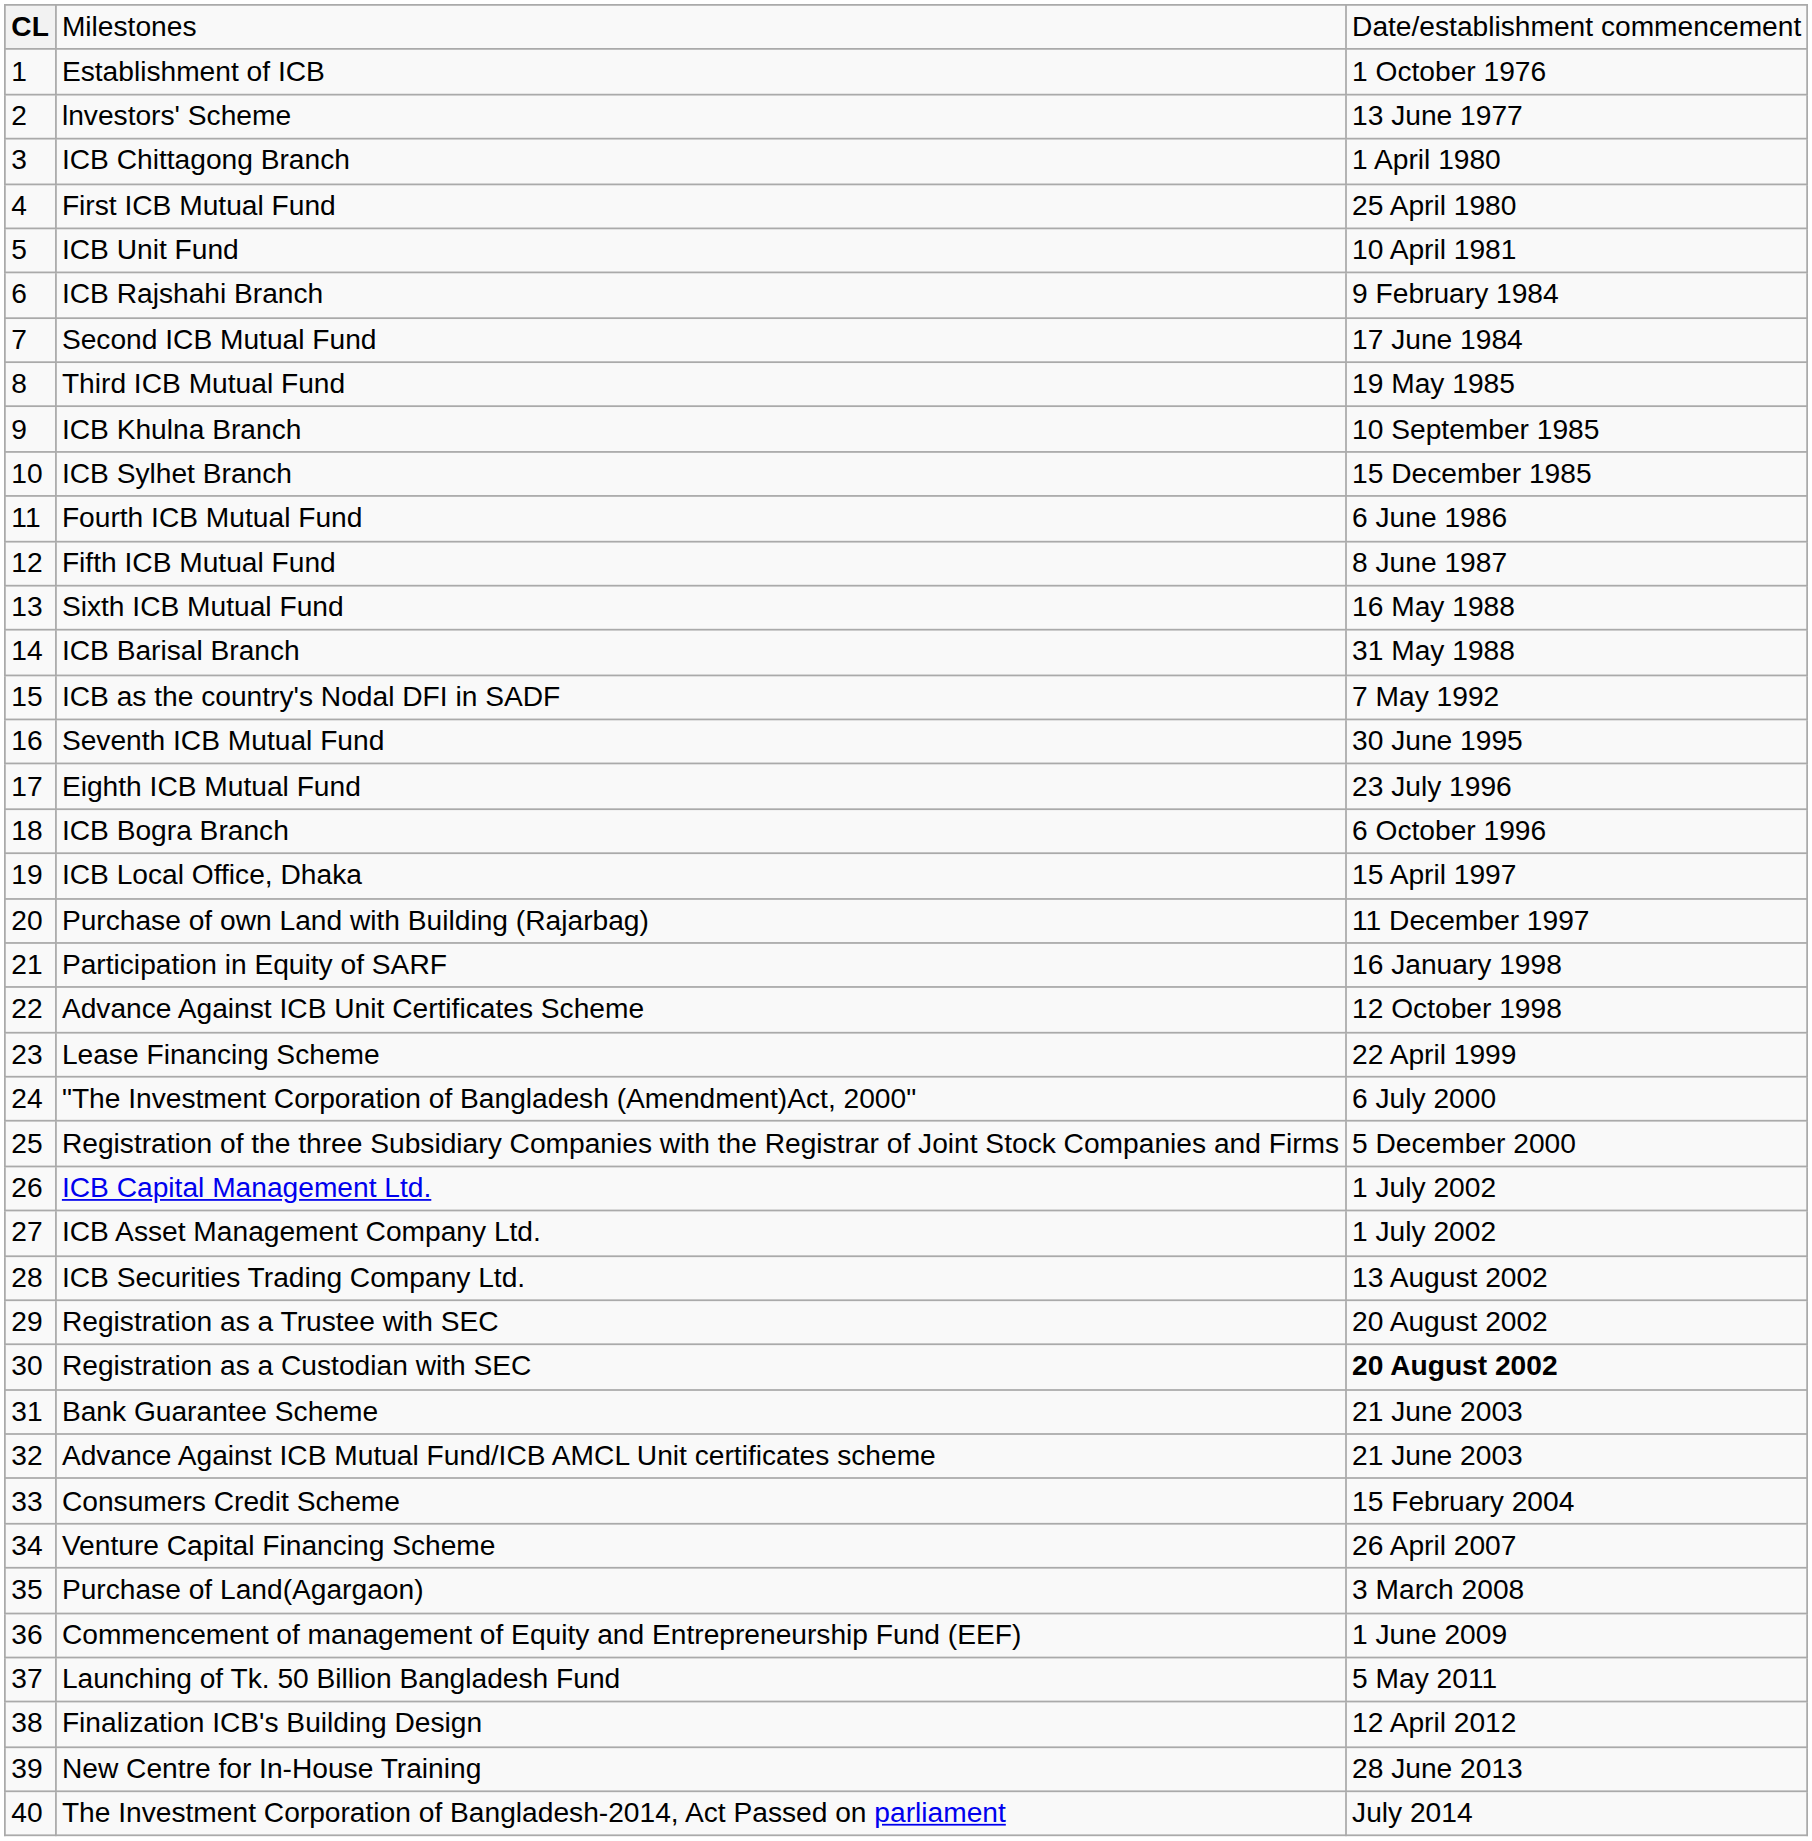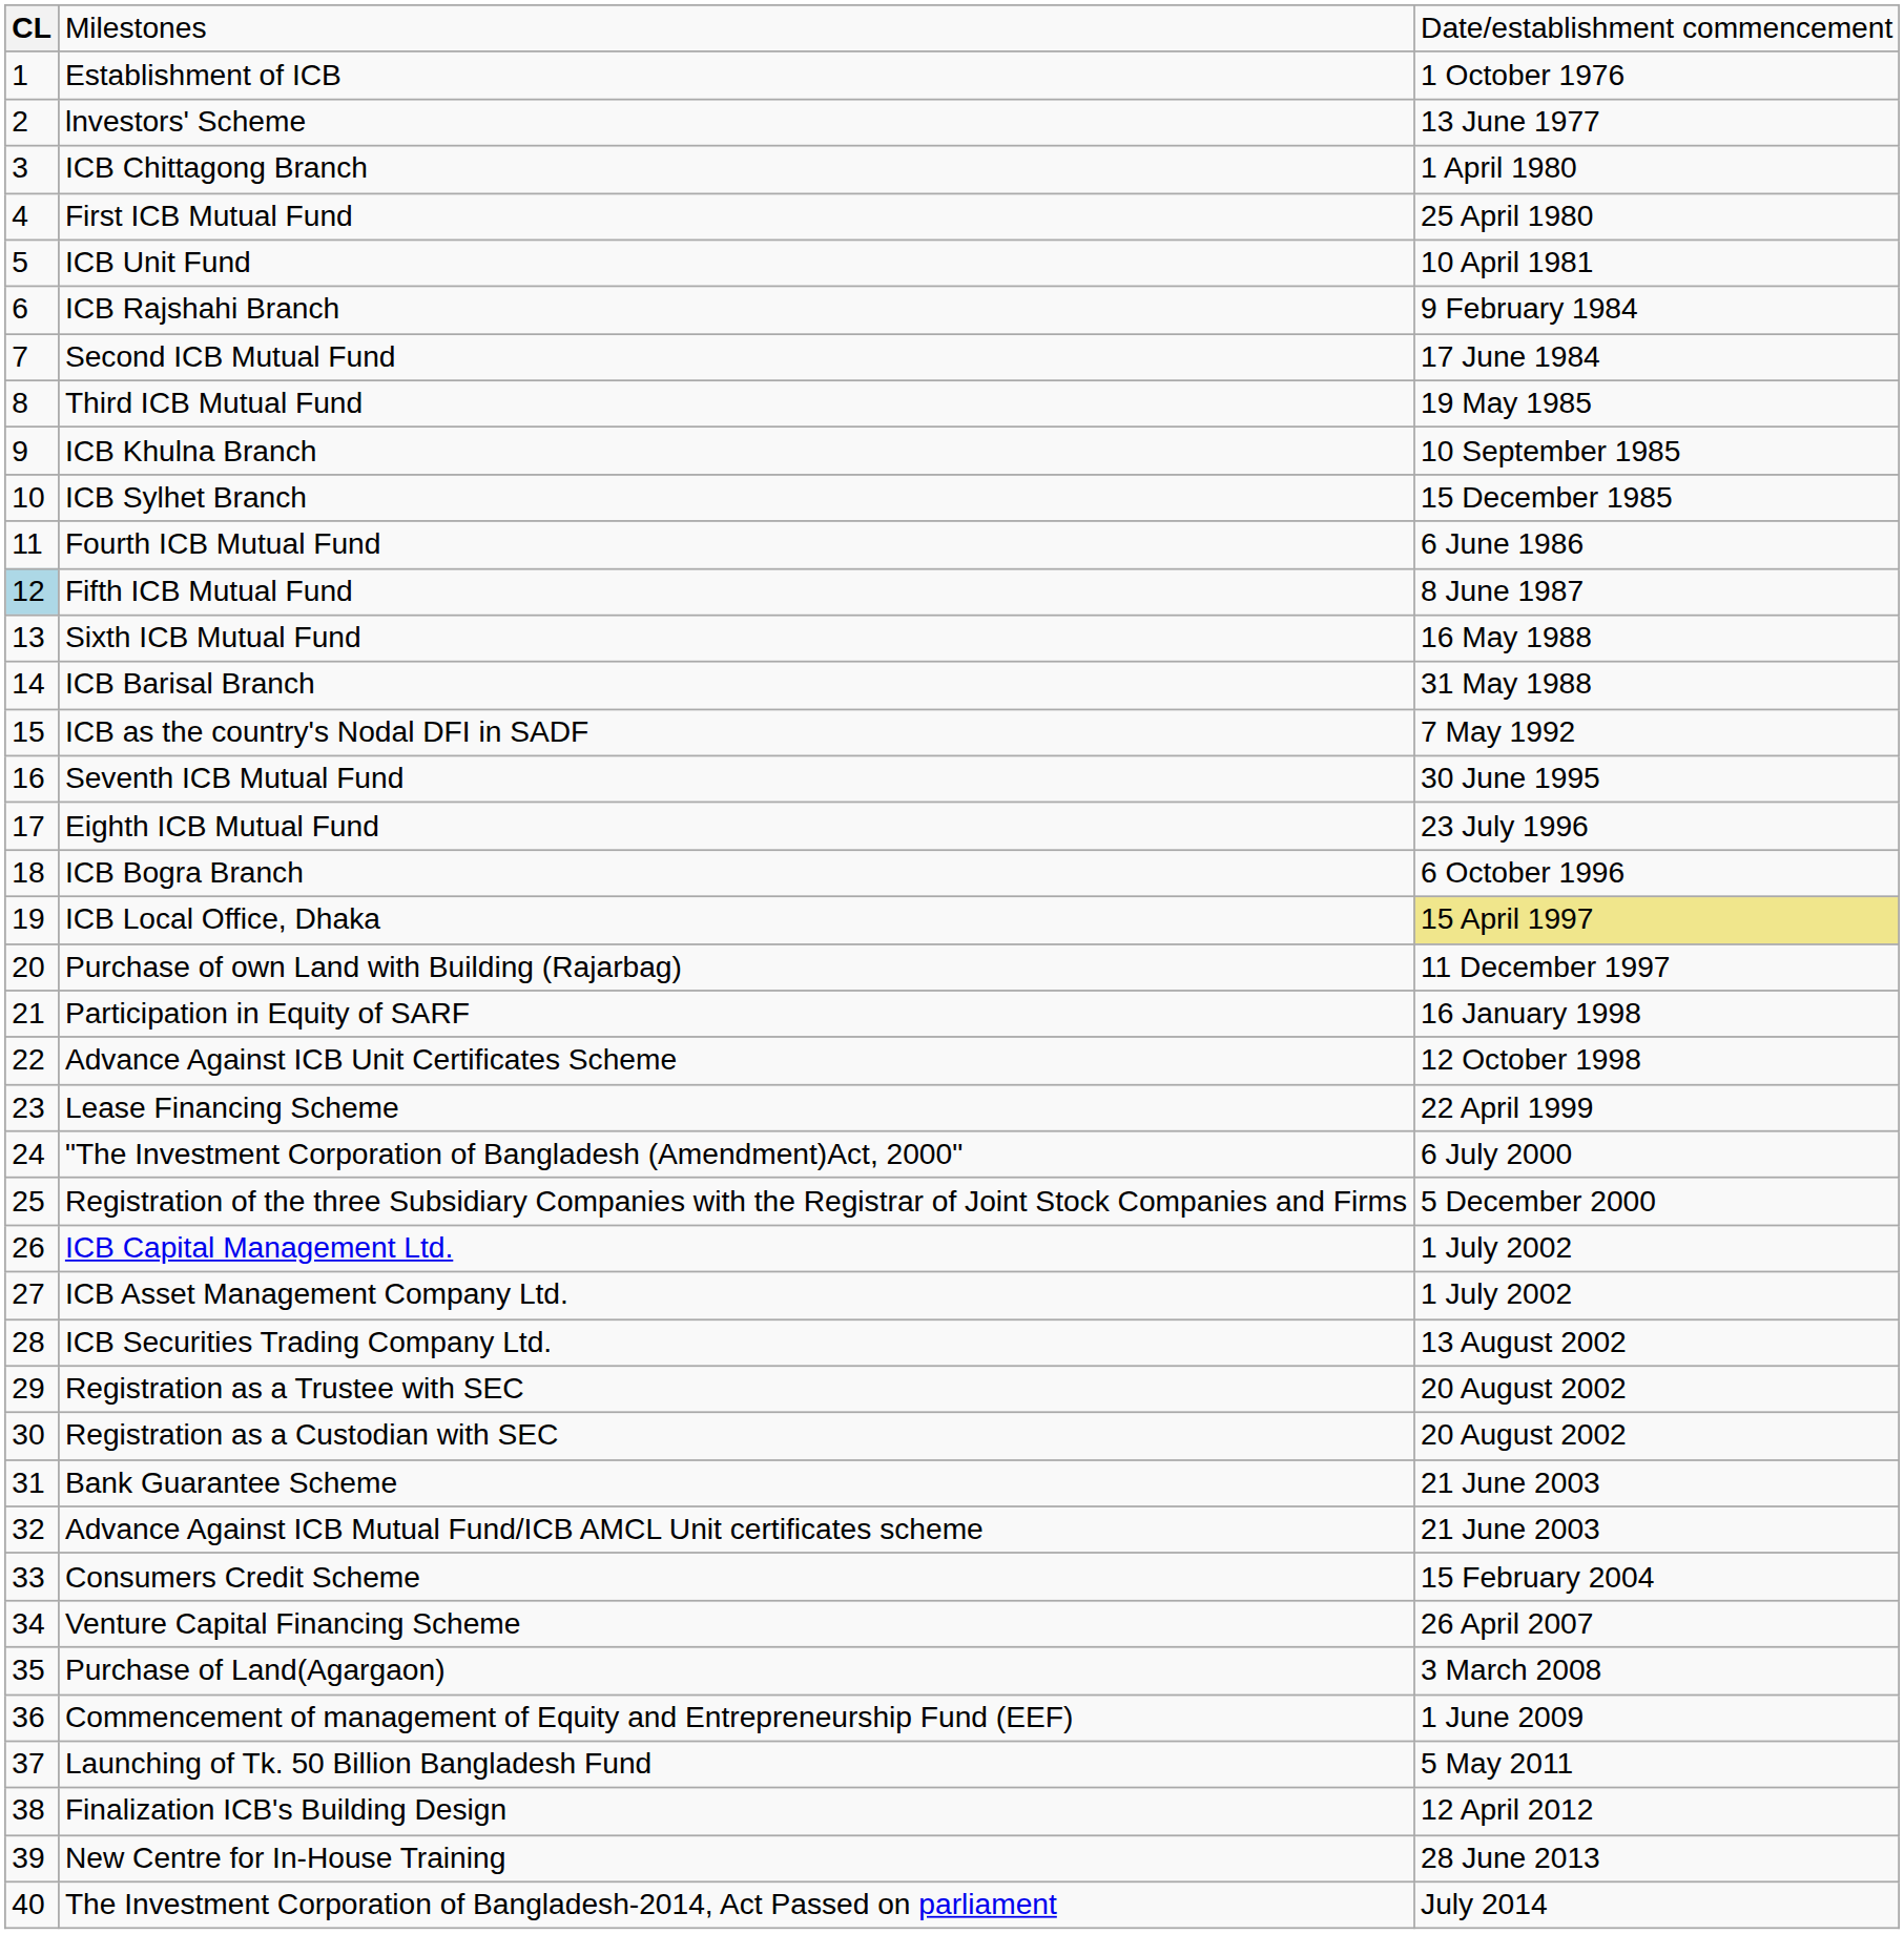 <table class="wikitable">
 <tr>
 <th>CL</th>
 <td>Milestones</td>
 <td>Date/establishment commencement</td>
 </tr>
 <tr>
 <td>1</td>
 <td>Establishment of ICB</td>
 <td>1 October 1976</td>
 </tr>
 <tr>
 <td>2</td>
 <td>lnvestors' Scheme</td>
 <td>13 June 1977</td>
 </tr>
 <tr>
 <td>3</td>
 <td>ICB Chittagong Branch</td>
 <td>1 April 1980</td>
 </tr>
 <tr>
 <td>4</td>
 <td>First ICB Mutual Fund</td>
 <td>25 April 1980</td>
 </tr>
 <tr>
 <td>5</td>
 <td>ICB Unit Fund</td>
 <td>10 April 1981</td>
 </tr>
 <tr>
 <td>6</td>
 <td>ICB Rajshahi Branch</td>
 <td>9 February 1984</td>
 </tr>
 <tr>
 <td>7</td>
 <td>Second ICB Mutual Fund</td>
 <td>17 June 1984</td>
 </tr>
 <tr>
 <td>8</td>
 <td>Third ICB Mutual Fund</td>
 <td>19 May 1985</td>
 </tr>
 <tr>
 <td>9</td>
 <td>ICB Khulna Branch</td>
 <td>10 September 1985</td>
 </tr>
 <tr>
 <td>10</td>
 <td>ICB Sylhet Branch</td>
 <td>15 December 1985</td>
 </tr>
 <tr>
 <td>11</td>
 <td>Fourth ICB Mutual Fund</td>
 <td>6 June 1986</td>
 </tr>
 <tr>
-<td>12</td>
+<td style="background: lightblue;">12</td>
 <td>Fifth ICB Mutual Fund</td>
 <td>8 June 1987</td>
 </tr>
 <tr>
 <td>13</td>
 <td>Sixth ICB Mutual Fund</td>
 <td>16 May 1988</td>
 </tr>
 <tr>
 <td>14</td>
 <td>ICB Barisal Branch</td>
 <td>31 May 1988</td>
 </tr>
 <tr>
 <td>15</td>
 <td>ICB as the country's Nodal DFI in SADF</td>
 <td>7 May 1992</td>
 </tr>
 <tr>
 <td>16</td>
 <td>Seventh ICB Mutual Fund</td>
 <td>30 June 1995</td>
 </tr>
 <tr>
 <td>17</td>
 <td>Eighth ICB Mutual Fund</td>
 <td>23 July 1996</td>
 </tr>
 <tr>
 <td>18</td>
 <td>ICB Bogra Branch</td>
 <td>6 October 1996</td>
 </tr>
 <tr>
 <td>19</td>
 <td>ICB Local Office, Dhaka</td>
-<td>15 April 1997</td>
+<td style="background: khaki;">15 April 1997</td>
 </tr>
 <tr>
 <td>20</td>
 <td>Purchase of own Land with Building (Rajarbag)</td>
 <td>11 December 1997</td>
 </tr>
 <tr>
 <td>21</td>
 <td>Participation in Equity of SARF</td>
 <td>16 January 1998</td>
 </tr>
 <tr>
 <td>22</td>
 <td>Advance Against ICB Unit Certificates Scheme</td>
 <td>12 October 1998</td>
 </tr>
 <tr>
 <td>23</td>
 <td>Lease Financing Scheme</td>
 <td>22 April 1999</td>
 </tr>
 <tr>
 <td>24</td>
 <td>"The Investment Corporation of Bangladesh (Amendment)Act, 2000"</td>
 <td>6 July 2000</td>
 </tr>
 <tr>
 <td>25</td>
 <td>Registration of the three Subsidiary Companies with the Registrar of Joint Stock Companies and Firms</td>
 <td>5 December 2000</td>
 </tr>
 <tr>
 <td>26</td>
 <td><a href='#'>ICB Capital Management Ltd.</a></td>
 <td>1 July 2002</td>
 </tr>
 <tr>
 <td>27</td>
 <td>ICB Asset Management Company Ltd.</td>
 <td>1 July 2002</td>
 </tr>
 <tr>
 <td>28</td>
 <td>ICB Securities Trading Company Ltd.</td>
 <td>13 August 2002</td>
 </tr>
 <tr>
 <td>29</td>
 <td>Registration as a Trustee with SEC</td>
 <td>20 August 2002</td>
 </tr>
 <tr>
 <td>30</td>
 <td>Registration as a Custodian with SEC</td>
-<td><strong>20 August 2002</strong></td>
+<td>20 August 2002</td>
 </tr>
 <tr>
 <td>31</td>
 <td>Bank Guarantee Scheme</td>
 <td>21 June 2003</td>
 </tr>
 <tr>
 <td>32</td>
 <td>Advance Against ICB Mutual Fund/ICB AMCL Unit certificates scheme</td>
 <td>21 June 2003</td>
 </tr>
 <tr>
 <td>33</td>
 <td>Consumers Credit Scheme</td>
 <td>15 February 2004</td>
 </tr>
 <tr>
 <td>34</td>
 <td>Venture Capital Financing Scheme</td>
 <td>26 April 2007</td>
 </tr>
 <tr>
 <td>35</td>
 <td>Purchase of Land(Agargaon)</td>
 <td>3 March 2008</td>
 </tr>
 <tr>
 <td>36</td>
 <td>Commencement of management of Equity and Entrepreneurship Fund (EEF)</td>
 <td>1 June 2009</td>
 </tr>
 <tr>
 <td>37</td>
 <td>Launching of Tk. 50 Billion Bangladesh Fund</td>
 <td>5 May 2011</td>
 </tr>
 <tr>
 <td>38</td>
 <td>Finalization ICB's Building Design</td>
 <td>12 April 2012</td>
 </tr>
 <tr>
 <td>39</td>
 <td>New Centre for In-House Training</td>
 <td>28 June 2013</td>
 </tr>
 <tr>
 <td>40</td>
 <td>The Investment Corporation of Bangladesh-2014, Act Passed on  <a href='#'>parliament</a></td>
 <td>July 2014</td>
 </tr>
 </table>
